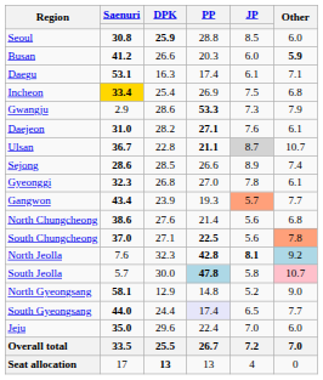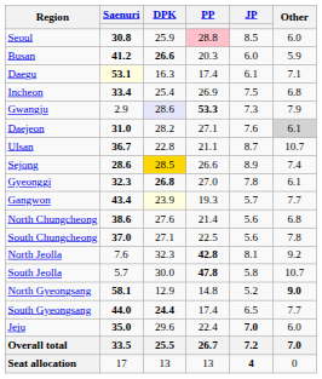 <table class="wikitable nowrap sortable" style="text-align:center; font-size:90%">
 <tr>
 <th rowspan="2">Region</th>
 <th style="width:50px" class="unsortable"><a href='#'>Saenuri</a></th>
 <th style="width:50px" class="unsortable"><a href='#'>DPK</a></th>
 <th style="width:50px" class="unsortable"><a href='#'>PP</a></th>
 <th style="width:50px" class="unsortable"><a href='#'>JP</a></th>
 <th rowspan="2" style="width:50px" class="unsortable">Other</th>
 </tr>
 <tr>
 <th style="background:"></th>
 <th style="background:"></th>
 <th style="background:"></th>
 <th style="background:"></th>
 </tr>
 <tr>
 <td style="text-align:left"><a href='#'>Seoul</a></td>
 <td><strong>30.8</strong></td>
-<td><strong>25.9</strong></td>
-<td>28.8</td>
+<td>25.9</td>
+<td style="background: pink;">28.8</td>
 <td>8.5</td>
 <td>6.0</td>
 </tr>
 <tr>
 <td style="text-align:left"><a href='#'>Busan</a></td>
 <td><strong>41.2</strong></td>
-<td>26.6</td>
+<td><strong>26.6</strong></td>
 <td>20.3</td>
 <td>6.0</td>
-<td><strong>5.9</strong></td>
+<td>5.9</td>
 </tr>
 <tr>
 <td style="text-align:left"><a href='#'>Daegu</a></td>
-<td><strong>53.1</strong></td>
+<td style="background: lightyellow;"><strong>53.1</strong></td>
 <td>16.3</td>
 <td>17.4</td>
 <td>6.1</td>
 <td>7.1</td>
 </tr>
 <tr>
 <td style="text-align:left"><a href='#'>Incheon</a></td>
-<td style="background: gold;"><strong>33.4</strong></td>
+<td><strong>33.4</strong></td>
 <td>25.4</td>
 <td>26.9</td>
 <td>7.5</td>
 <td>6.8</td>
 </tr>
 <tr>
 <td style="text-align:left"><a href='#'>Gwangju</a></td>
 <td>2.9</td>
-<td>28.6</td>
+<td style="background: lavender;">28.6</td>
 <td><strong>53.3</strong></td>
 <td>7.3</td>
 <td>7.9</td>
 </tr>
 <tr>
 <td style="text-align:left"><a href='#'>Daejeon</a></td>
 <td><strong>31.0</strong></td>
 <td>28.2</td>
-<td><strong>27.1</strong></td>
+<td>27.1</td>
 <td>7.6</td>
-<td>6.1</td>
+<td style="background: lightgrey;">6.1</td>
 </tr>
 <tr>
 <td style="text-align:left"><a href='#'>Ulsan</a></td>
 <td><strong>36.7</strong></td>
 <td>22.8</td>
-<td><strong>21.1</strong></td>
-<td style="background: lightgrey;">8.7</td>
+<td>21.1</td>
+<td>8.7</td>
 <td>10.7</td>
 </tr>
 <tr>
 <td style="text-align:left"><a href='#'>Sejong</a></td>
 <td><strong>28.6</strong></td>
-<td>28.5</td>
+<td style="background: gold;">28.5</td>
 <td>26.6</td>
 <td>8.9</td>
 <td>7.4</td>
 </tr>
 <tr>
 <td style="text-align:left"><a href='#'>Gyeonggi</a></td>
 <td><strong>32.3</strong></td>
-<td>26.8</td>
+<td><strong>26.8</strong></td>
 <td>27.0</td>
 <td>7.8</td>
 <td>6.1</td>
 </tr>
 <tr>
 <td style="text-align:left"><a href='#'>Gangwon</a></td>
 <td><strong>43.4</strong></td>
-<td>23.9</td>
+<td style="background: lightyellow;">23.9</td>
 <td>19.3</td>
-<td style="background: lightsalmon;">5.7</td>
+<td>5.7</td>
 <td>7.7</td>
 </tr>
 <tr>
 <td style="text-align:left" data-sort-value="Chungcheong N"><a href='#'>North Chungcheong</a></td>
 <td><strong>38.6</strong></td>
 <td>27.6</td>
 <td>21.4</td>
 <td>5.6</td>
 <td>6.8</td>
 </tr>
 <tr>
 <td style="text-align:left" data-sort-value="Chungcheong S"><a href='#'>South Chungcheong</a></td>
 <td><strong>37.0</strong></td>
 <td>27.1</td>
-<td><strong>22.5</strong></td>
+<td>22.5</td>
 <td>5.6</td>
-<td style="background: lightsalmon;">7.8</td>
+<td>7.8</td>
 </tr>
 <tr>
 <td style="text-align:left" data-sort-value="Jeolla N"><a href='#'>North Jeolla</a></td>
 <td>7.6</td>
 <td>32.3</td>
 <td><strong>42.8</strong></td>
-<td><strong>8.1</strong></td>
-<td style="background: lightblue;">9.2</td>
+<td>8.1</td>
+<td>9.2</td>
 </tr>
 <tr>
 <td style="text-align:left" data-sort-value="Jeolla S"><a href='#'>South Jeolla</a></td>
 <td>5.7</td>
 <td>30.0</td>
-<td style="background: lightblue;"><strong>47.8</strong></td>
+<td><strong>47.8</strong></td>
 <td>5.8</td>
-<td style="background: pink;">10.7</td>
+<td>10.7</td>
 </tr>
 <tr>
 <td style="text-align:left" data-sort-value="Gyeongsang N"><a href='#'>North Gyeongsang</a></td>
 <td><strong>58.1</strong></td>
 <td>12.9</td>
 <td>14.8</td>
 <td>5.2</td>
-<td>9.0</td>
+<td><strong>9.0</strong></td>
 </tr>
 <tr>
 <td style="text-align:left" data-sort-value="Gyeongsang S"><a href='#'>South Gyeongsang</a></td>
 <td><strong>44.0</strong></td>
-<td>24.4</td>
-<td style="background: lavender;">17.4</td>
+<td><strong>24.4</strong></td>
+<td>17.4</td>
 <td>6.5</td>
 <td>7.7</td>
 </tr>
 <tr>
 <td style="text-align:left"><a href='#'>Jeju</a></td>
 <td><strong>35.0</strong></td>
 <td>29.6</td>
 <td>22.4</td>
-<td>7.0</td>
+<td><strong>7.0</strong></td>
 <td>6.0</td>
 </tr>
 <tr class="sortbottom">
 <th style="text-align:left">Overall total</th>
 <th>33.5</th>
 <th>25.5</th>
 <th>26.7</th>
 <th>7.2</th>
 <th>7.0</th>
 </tr>
 <tr class="sortbottom">
 <th style="text-align:left">Seat allocation</th>
 <td>17</td>
-<td><strong>13</strong></td>
 <td>13</td>
-<td>4</td>
+<td>13</td>
+<td><strong>4</strong></td>
 <td>0</td>
 </tr>
 </table>
